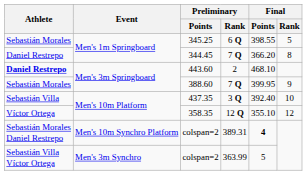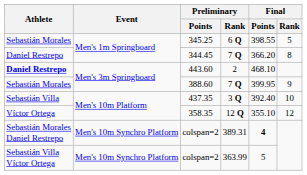 <table class=wikitable style="font-size:90%">
 <tr>
 <th rowspan="2">Athlete</th>
 <th rowspan="2">Event</th>
 <th colspan="2">Preliminary</th>
 <th colspan="2">Final</th>
 </tr>
 <tr>
 <th>Points</th>
 <th>Rank</th>
 <th>Points</th>
 <th>Rank</th>
 </tr>
 <tr align=center>
 <td align=left><a href='#'>Sebastián Morales</a></td>
 <td rowspan="2" align=left><a href='#'>Men's 1m Springboard</a></td>
 <td>345.25</td>
 <td>6 <strong>Q</strong></td>
 <td>398.55</td>
 <td>5</td>
 </tr>
 <tr align=center>
 <td align=left><a href='#'>Daniel Restrepo</a></td>
 <td>344.45</td>
 <td>7 <strong>Q</strong></td>
 <td>366.20</td>
 <td>8</td>
 </tr>
 <tr align=center>
 <td align=left><strong><a href='#'>Daniel Restrepo</a></strong></td>
 <td rowspan="2" align=left><a href='#'>Men's 3m Springboard</a></td>
 <td>443.60</td>
 <td>2</td>
 <td>468.10</td>
 <td></td>
 </tr>
 <tr align=center>
 <td align=left><a href='#'>Sebastián Morales</a></td>
 <td>388.60</td>
 <td>7 <strong>Q</strong></td>
 <td>399.95</td>
 <td>9</td>
 </tr>
 <tr align=center>
 <td align=left><a href='#'>Sebastián Villa</a></td>
 <td rowspan="2" align=left><a href='#'>Men's 10m Platform</a></td>
 <td>437.35</td>
 <td>3 <strong>Q</strong></td>
 <td>392.40</td>
 <td>10</td>
 </tr>
 <tr align=center>
 <td align=left><a href='#'>Víctor Ortega</a></td>
 <td>358.35</td>
 <td>12 <strong>Q</strong></td>
 <td>355.10</td>
 <td>12</td>
 </tr>
 <tr align=center>
 <td align=left><a href='#'>Sebastián Morales</a><br><a href='#'>Daniel Restrepo</a></td>
 <td align=left><a href='#'>Men's 10m Synchro Platform</a></td>
 <td>colspan=2 </td>
 <td>389.31</td>
 <td><strong>4</strong></td>
 </tr>
 <tr align=center>
 <td align=left><a href='#'>Sebastián Villa</a><br><a href='#'>Víctor Ortega</a></td>
-<td align=left><a href='#'>Men's 3m Synchro</a></td>
+<td align=left><a href='#'>Men's 10m Synchro Platform</a></td>
 <td>colspan=2 </td>
 <td>363.99</td>
 <td>5</td>
 </tr>
 </table>
